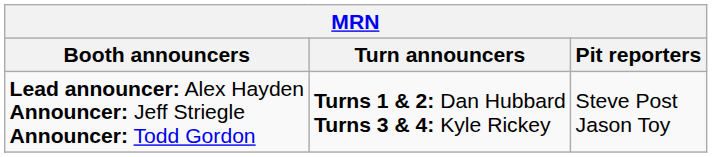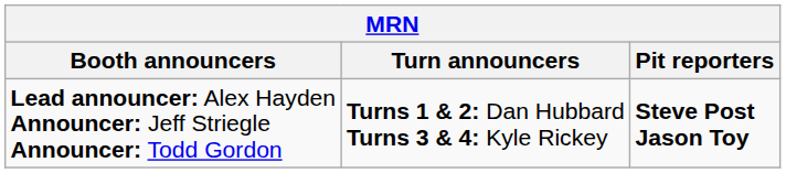 <table class="wikitable" style="font-size: 95%">
 <tr>
 <th colspan="3"><a href='#'>MRN</a></th>
 </tr>
 <tr>
 <th>Booth announcers</th>
 <th>Turn announcers</th>
 <th>Pit reporters</th>
 </tr>
 <tr>
 <td><strong>Lead announcer:</strong> Alex Hayden<br><strong>Announcer:</strong> Jeff Striegle<br><strong>Announcer:</strong> <a href='#'>Todd Gordon</a></td>
 <td><strong>Turns 1 & 2:</strong> Dan Hubbard<br><strong>Turns 3 & 4:</strong>  Kyle Rickey</td>
-<td>Steve Post<br>Jason Toy</td>
+<td><strong>Steve Post<br>Jason Toy</strong></td>
 </tr>
 </table>
